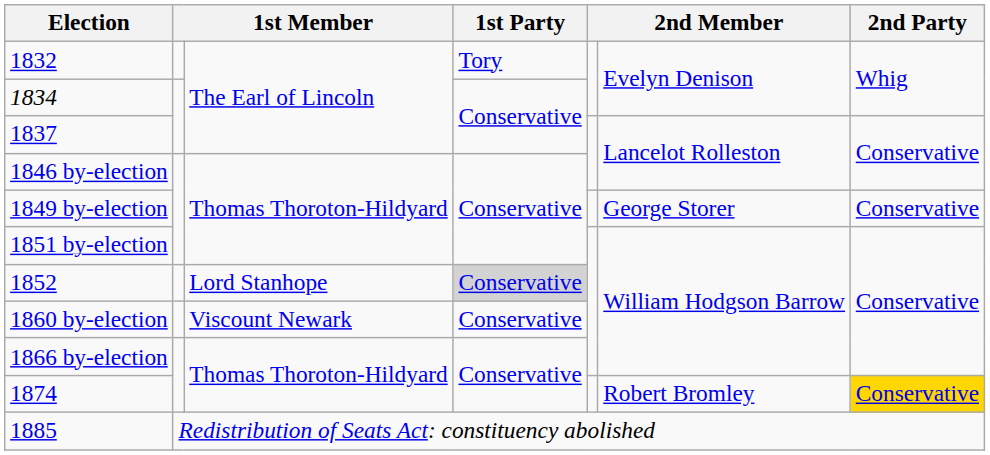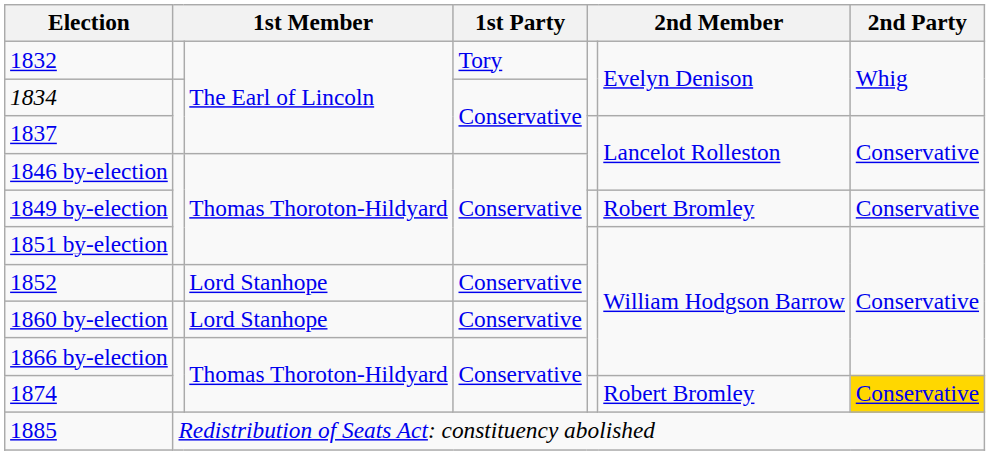 <table class="wikitable">
 <tr>
 <th>Election</th>
 <th colspan="2">1st Member</th>
 <th>1st Party</th>
 <th colspan="2">2nd Member</th>
 <th>2nd Party</th>
 </tr>
 <tr>
 <td><a href='#'>1832</a></td>
 <td style="color:inherit;background-color: "></td>
 <td rowspan="3"><a href='#'>The Earl of Lincoln</a></td>
 <td><a href='#'>Tory</a></td>
 <td rowspan="2" style="color:inherit;background-color: "></td>
 <td rowspan="2"><a href='#'>Evelyn Denison</a></td>
 <td rowspan="2"><a href='#'>Whig</a></td>
 </tr>
 <tr>
 <td><em>1834</em></td>
 <td rowspan="2" style="color:inherit;background-color: "></td>
 <td rowspan="2"><a href='#'>Conservative</a></td>
 </tr>
 <tr>
 <td><a href='#'>1837</a></td>
 <td rowspan="2" style="color:inherit;background-color: "></td>
 <td rowspan="2"><a href='#'>Lancelot Rolleston</a></td>
 <td rowspan="2"><a href='#'>Conservative</a></td>
 </tr>
 <tr>
 <td><a href='#'>1846 by-election</a></td>
 <td rowspan="3" style="color:inherit;background-color: "></td>
 <td rowspan="3"><a href='#'>Thomas Thoroton-Hildyard</a></td>
 <td rowspan="3"><a href='#'>Conservative</a></td>
 </tr>
 <tr>
 <td><a href='#'>1849 by-election</a></td>
 <td style="color:inherit;background-color: "></td>
-<td><a href='#'>George Storer</a></td>
+<td><a href='#'>Robert Bromley</a></td>
 <td><a href='#'>Conservative</a></td>
 </tr>
 <tr>
 <td><a href='#'>1851 by-election</a></td>
 <td rowspan="4" style="color:inherit;background-color: "></td>
 <td rowspan="4"><a href='#'>William Hodgson Barrow</a></td>
 <td rowspan="4"><a href='#'>Conservative</a></td>
 </tr>
 <tr>
 <td><a href='#'>1852</a></td>
 <td style="color:inherit;background-color: "></td>
 <td><a href='#'>Lord Stanhope</a></td>
-<td style="background: lightgrey;"><a href='#'>Conservative</a></td>
+<td><a href='#'>Conservative</a></td>
 </tr>
 <tr>
 <td><a href='#'>1860 by-election</a></td>
 <td style="color:inherit;background-color: "></td>
-<td><a href='#'>Viscount Newark</a></td>
+<td><a href='#'>Lord Stanhope</a></td>
 <td><a href='#'>Conservative</a></td>
 </tr>
 <tr>
 <td><a href='#'>1866 by-election</a></td>
 <td rowspan="2" style="color:inherit;background-color: "></td>
 <td rowspan="2"><a href='#'>Thomas Thoroton-Hildyard</a></td>
 <td rowspan="2"><a href='#'>Conservative</a></td>
 </tr>
 <tr>
 <td><a href='#'>1874</a></td>
 <td style="color:inherit;background-color: "></td>
 <td><a href='#'>Robert Bromley</a></td>
 <td style="background: gold;"><a href='#'>Conservative</a></td>
 </tr>
 <tr>
 <td><a href='#'>1885</a></td>
 <td colspan="6"><em><a href='#'>Redistribution of Seats Act</a>: constituency abolished</em></td>
 </tr>
 </table>
